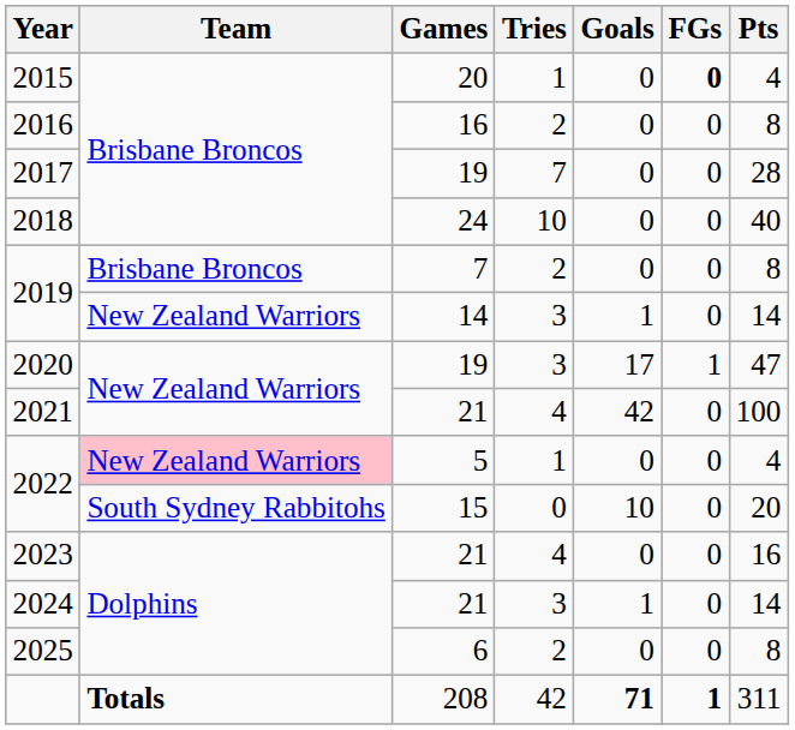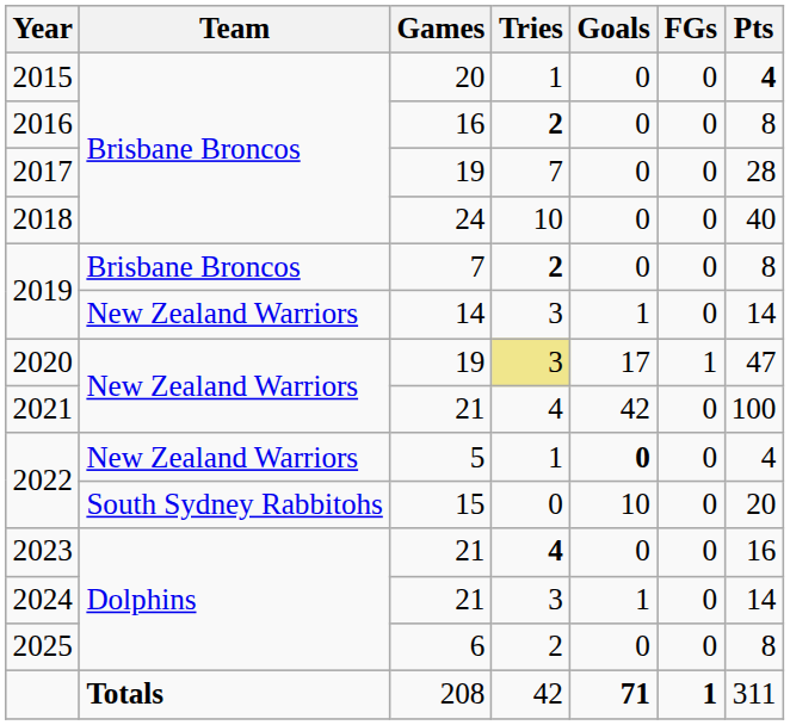 <table class="wikitable">
 <tr>
 <th>Year</th>
 <th>Team</th>
 <th>Games</th>
 <th>Tries</th>
 <th>Goals</th>
 <th>FGs</th>
 <th>Pts</th>
 </tr>
 <tr>
 <td align=center>2015</td>
 <td rowspan="4" align="left"> <a href='#'>Brisbane Broncos</a></td>
 <td align=right>20</td>
 <td align=right>1</td>
 <td align=right>0</td>
-<td align=right><strong>0</strong></td>
-<td align=right>4</td>
+<td align=right>0</td>
+<td align=right><strong>4</strong></td>
 </tr>
 <tr>
 <td align=center>2016</td>
 <td align=right>16</td>
-<td align=right>2</td>
+<td align=right><strong>2</strong></td>
 <td align=right>0</td>
 <td align=right>0</td>
 <td align=right>8</td>
 </tr>
 <tr>
 <td align=center>2017</td>
 <td align=right>19</td>
 <td align=right>7</td>
 <td align=right>0</td>
 <td align=right>0</td>
 <td align=right>28</td>
 </tr>
 <tr>
 <td align=center>2018</td>
 <td align=right>24</td>
 <td align=right>10</td>
 <td align=right>0</td>
 <td align=right>0</td>
 <td align=right>40</td>
 </tr>
 <tr>
 <td rowspan="2" align=center>2019</td>
 <td> <a href='#'>Brisbane Broncos</a></td>
 <td align="right">7</td>
-<td align=right>2</td>
+<td align=right><strong>2</strong></td>
 <td align=right>0</td>
 <td align=right>0</td>
 <td align=right>8</td>
 </tr>
 <tr>
 <td align="left"> <a href='#'>New Zealand Warriors</a></td>
 <td align=right>14</td>
 <td align=right>3</td>
 <td align=right>1</td>
 <td align=right>0</td>
 <td align=right>14</td>
 </tr>
 <tr>
 <td align=center>2020</td>
 <td rowspan="2"> <a href='#'>New Zealand Warriors</a></td>
 <td align="right">19</td>
-<td align=right>3</td>
+<td align=right style="background: khaki;">3</td>
 <td align=right>17</td>
 <td align=right>1</td>
 <td align=right>47</td>
 </tr>
 <tr>
 <td align=center>2021</td>
 <td align=right>21</td>
 <td align=right>4</td>
 <td align=right>42</td>
 <td align=right>0</td>
 <td align=right>100</td>
 </tr>
 <tr>
 <td rowspan="2" align=center>2022</td>
-<td style="background: pink;"> <a href='#'>New Zealand Warriors</a></td>
+<td> <a href='#'>New Zealand Warriors</a></td>
 <td align="right">5</td>
 <td align=right>1</td>
-<td align=right>0</td>
+<td align=right><strong>0</strong></td>
 <td align=right>0</td>
 <td align=right>4</td>
 </tr>
 <tr>
 <td align=left> <a href='#'>South Sydney Rabbitohs</a></td>
 <td align=right>15</td>
 <td align=right>0</td>
 <td align=right>10</td>
 <td align=right>0</td>
 <td align=right>20</td>
 </tr>
 <tr>
 <td align=center>2023</td>
 <td rowspan=3 align=left> <a href='#'>Dolphins</a></td>
 <td align=right>21</td>
-<td align=right>4</td>
+<td align=right><strong>4</strong></td>
 <td align=right>0</td>
 <td align=right>0</td>
 <td align=right>16</td>
 </tr>
 <tr>
 <td align=center>2024</td>
 <td align=right>21</td>
 <td align=right>3</td>
 <td align=right>1</td>
 <td align=right>0</td>
 <td align=right>14</td>
 </tr>
 <tr>
 <td align=center>2025</td>
 <td align=right>6</td>
 <td align=right>2</td>
 <td align=right>0</td>
 <td align=right>0</td>
 <td align=right>8</td>
 </tr>
 <tr>
 <td></td>
 <td align=left><strong>Totals</strong></td>
 <td align=right>208</td>
 <td align=right>42</td>
 <td align=right><strong>71</strong></td>
 <td align=right><strong>1</strong></td>
 <td align=right>311</td>
 </tr>
 </table>
